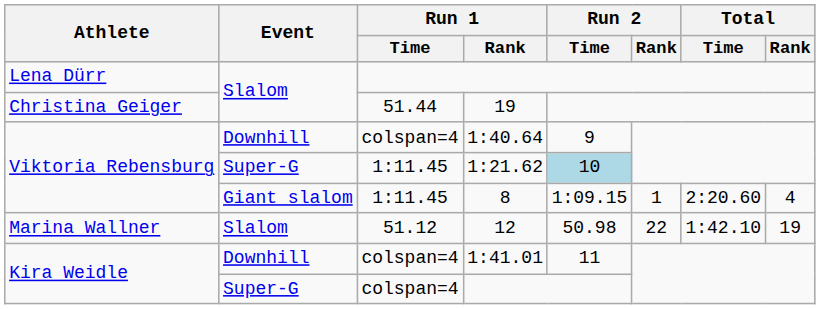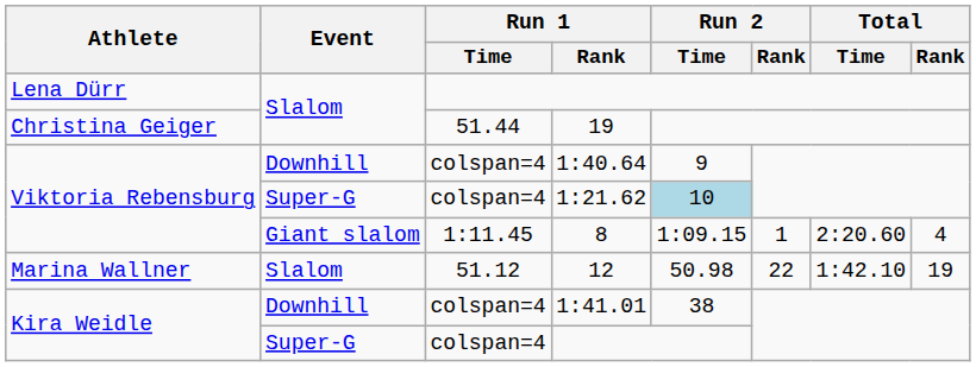 <table class="wikitable" style="font-size:90%">
 <tr>
 <th rowspan=2>Athlete</th>
 <th rowspan=2>Event</th>
 <th colspan=2>Run 1</th>
 <th colspan=2>Run 2</th>
 <th colspan=2>Total</th>
 </tr>
 <tr style="font-size:95%">
 <th>Time</th>
 <th>Rank</th>
 <th>Time</th>
 <th>Rank</th>
 <th>Time</th>
 <th>Rank</th>
 </tr>
 <tr align=center>
 <td align=left><a href='#'>Lena Dürr</a></td>
 <td align=left rowspan=2><a href='#'>Slalom</a></td>
 <td colspan=6></td>
 </tr>
 <tr align=center>
 <td align=left><a href='#'>Christina Geiger</a></td>
 <td>51.44</td>
 <td>19</td>
 <td colspan=4></td>
 </tr>
 <tr align=center>
 <td align=left rowspan=3><a href='#'>Viktoria Rebensburg</a></td>
 <td align=left><a href='#'>Downhill</a></td>
 <td>colspan=4</td>
 <td>1:40.64</td>
 <td>9</td>
 </tr>
 <tr align=center>
 <td align=left><a href='#'>Super-G</a></td>
-<td>1:11.45</td>
+<td>colspan=4</td>
 <td>1:21.62</td>
 <td style="background: lightblue;">10</td>
 </tr>
 <tr align=center>
 <td align=left><a href='#'>Giant slalom</a></td>
 <td>1:11.45</td>
 <td>8</td>
 <td>1:09.15</td>
 <td>1</td>
 <td>2:20.60</td>
 <td>4</td>
 </tr>
 <tr align=center>
 <td align=left><a href='#'>Marina Wallner</a></td>
 <td align=left><a href='#'>Slalom</a></td>
 <td>51.12</td>
 <td>12</td>
 <td>50.98</td>
 <td>22</td>
 <td>1:42.10</td>
 <td>19</td>
 </tr>
 <tr align=center>
 <td align=left rowspan=2><a href='#'>Kira Weidle</a></td>
 <td align=left><a href='#'>Downhill</a></td>
 <td>colspan=4</td>
 <td>1:41.01</td>
-<td>11</td>
+<td>38</td>
 </tr>
 <tr align=center>
 <td align=left><a href='#'>Super-G</a></td>
 <td>colspan=4</td>
 <td colspan=2></td>
 </tr>
 </table>
